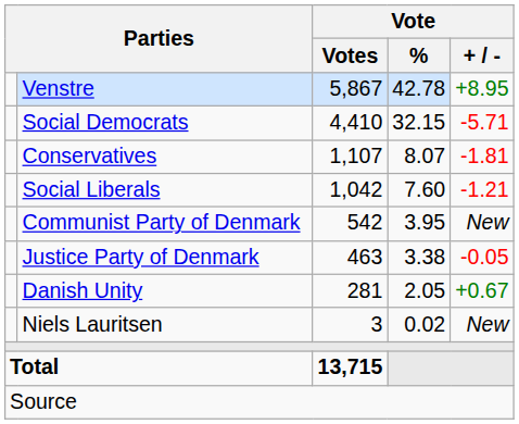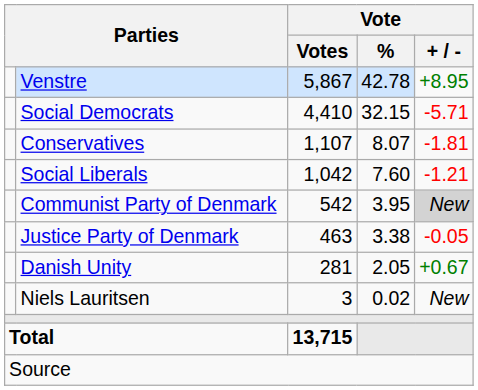 <table class="wikitable" style="text-align:right;">
 <tr>
 <th style="text-align:centre;" rowspan="2" colspan="2" width="225">Parties</th>
 <th colspan="3">Vote</th>
 </tr>
 <tr>
 <th width="15">Votes</th>
 <th width="15">%</th>
 <th width="15">+ / -</th>
 </tr>
 <tr>
 <td width="2" style="color:inherit;background:"></td>
 <td bgcolor=#cfe5fe  align="left"><a href='#'>Venstre</a></td>
 <td bgcolor=#cfe5fe>5,867</td>
 <td bgcolor=#cfe5fe>42.78</td>
 <td style=color:green;>+8.95</td>
 </tr>
 <tr>
 <td width="2" style="color:inherit;background:"></td>
 <td align="left"><a href='#'>Social Democrats</a></td>
 <td>4,410</td>
 <td>32.15</td>
 <td style=color:red;>-5.71</td>
 </tr>
 <tr>
 <td width="2" style="color:inherit;background:"></td>
 <td align="left"><a href='#'>Conservatives</a></td>
 <td>1,107</td>
 <td>8.07</td>
 <td style=color:red;>-1.81</td>
 </tr>
 <tr>
 <td width="2" style="color:inherit;background:"></td>
 <td align="left"><a href='#'>Social Liberals</a></td>
 <td>1,042</td>
 <td>7.60</td>
 <td style=color:red;>-1.21</td>
 </tr>
 <tr>
 <td width="2" style="color:inherit;background:"></td>
 <td align="left"><a href='#'>Communist Party of Denmark</a></td>
 <td>542</td>
 <td>3.95</td>
-<td><em>New</em></td>
+<td style="background: lightgrey;"><em>New</em></td>
 </tr>
 <tr>
 <td width="2" style="color:inherit;background:"></td>
 <td align="left"><a href='#'>Justice Party of Denmark</a></td>
 <td>463</td>
 <td>3.38</td>
 <td style=color:red;>-0.05</td>
 </tr>
 <tr>
 <td width="2" style="color:inherit;background:"></td>
 <td align="left"><a href='#'>Danish Unity</a></td>
 <td>281</td>
 <td>2.05</td>
 <td style=color:green;>+0.67</td>
 </tr>
 <tr>
 <td width="2" style="color:inherit;background:"></td>
 <td align="left">Niels Lauritsen</td>
 <td>3</td>
 <td>0.02</td>
 <td><em>New</em></td>
 </tr>
 <tr>
 <td colspan="7" bgcolor="#E9E9E9"></td>
 </tr>
 <tr>
 <td align="left" colspan="2"><strong>Total</strong></td>
 <td><strong>13,715</strong></td>
 <td bgcolor="#E9E9E9" colspan="2"></td>
 </tr>
 <tr>
 <td align="left" colspan="6">Source</td>
 </tr>
 </table>
